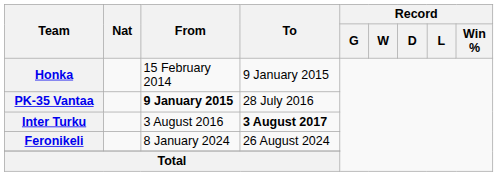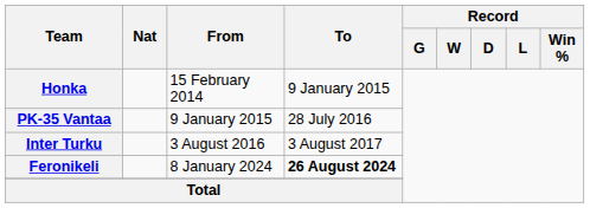 <table class="wikitable sortable plainrowheaders" style="text-align: center">
 <tr>
 <th rowspan="2" width="120">Team</th>
 <th rowspan="2" width="40">Nat</th>
 <th rowspan="2" width="120">From</th>
 <th rowspan="2" width="120">To</th>
 <th colspan="5">Record</th>
 </tr>
 <tr>
 <th width=30>G</th>
 <th width=30>W</th>
 <th width=30>D</th>
 <th width=30>L</th>
 <th width=40>Win %</th>
 </tr>
 <tr>
 <th scope="row"><a href='#'>Honka</a></th>
 <td></td>
 <td align=left>15 February 2014</td>
 <td align=left>9 January 2015<br></td>
 </tr>
 <tr>
 <th scope="row"><a href='#'>PK-35 Vantaa</a></th>
 <td></td>
-<td align=left><strong>9 January 2015</strong></td>
+<td align=left>9 January 2015</td>
 <td align=left>28 July 2016<br></td>
 </tr>
 <tr>
 <th scope="row"><a href='#'>Inter Turku</a></th>
 <td></td>
 <td align=left>3 August 2016</td>
-<td align=left><strong>3 August 2017<br></strong></td>
+<td align=left>3 August 2017<br></td>
 </tr>
 <tr>
 <th scope="row"><a href='#'>Feronikeli</a></th>
 <td></td>
 <td align=left>8 January 2024</td>
-<td align=left>26 August 2024<br></td>
+<td align=left><strong>26 August 2024<br></strong></td>
 </tr>
 <tr>
 </tr>
 <tr class="sortbottom">
 <th colspan="4">Total<br></th>
 </tr>
 </table>
